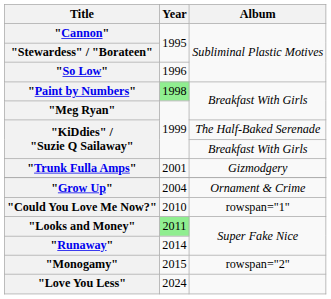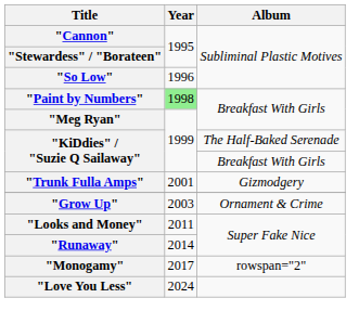 <table class="wikitable plainrowheaders" style="text-align:center;">
 <tr>
 <th>Title</th>
 <th>Year</th>
 <th>Album</th>
 </tr>
 <tr>
 <th scope="row">"<a href='#'>Cannon</a>"</th>
 <td rowspan="2">1995</td>
 <td rowspan="3"><em>Subliminal Plastic Motives</em></td>
 </tr>
 <tr>
 <th scope="row">"Stewardess" / "Borateen"</th>
 </tr>
 <tr>
 <th scope="row">"<a href='#'>So Low</a>"</th>
 <td>1996</td>
 </tr>
 <tr>
 <th scope="row">"<a href='#'>Paint by Numbers</a>"</th>
 <td style="background: lightgreen;">1998</td>
 <td rowspan="2"><em>Breakfast With Girls</em></td>
 </tr>
 <tr>
 <th scope="row">"Meg Ryan"</th>
 <td rowspan="3">1999</td>
 </tr>
 <tr>
 <th scope="row" rowspan="2">"KiDdies" /<br>"Suzie Q Sailaway"</th>
 <td><em>The Half-Baked Serenade</em></td>
 </tr>
 <tr>
 <td><em>Breakfast With Girls</em></td>
 </tr>
 <tr>
 <th scope="row">"<a href='#'>Trunk Fulla Amps</a>"</th>
 <td>2001</td>
 <td><em>Gizmodgery</em></td>
 </tr>
 <tr>
 </tr>
 <tr>
 <th scope="row">"<a href='#'>Grow Up</a>"</th>
-<td>2004</td>
+<td>2003</td>
 <td><em>Ornament & Crime</em></td>
 </tr>
 <tr>
-<th scope="row">"Could You Love Me Now?"</th>
-<td>2010</td>
-<td>rowspan="1" </td>
-</tr>
-<tr>
 <th scope="row">"Looks and Money"</th>
-<td style="background: lightgreen;">2011</td>
+<td>2011</td>
 <td rowspan="2"><em>Super Fake Nice</em></td>
 </tr>
 <tr>
 <th scope="row">"<a href='#'>Runaway</a>"</th>
 <td>2014</td>
 </tr>
 <tr>
 <th scope="row">"Monogamy"</th>
-<td>2015</td>
+<td>2017</td>
 <td>rowspan="2" </td>
 </tr>
 <tr>
 <th scope="row">"Love You Less"</th>
 <td>2024</td>
 </tr>
 </table>
